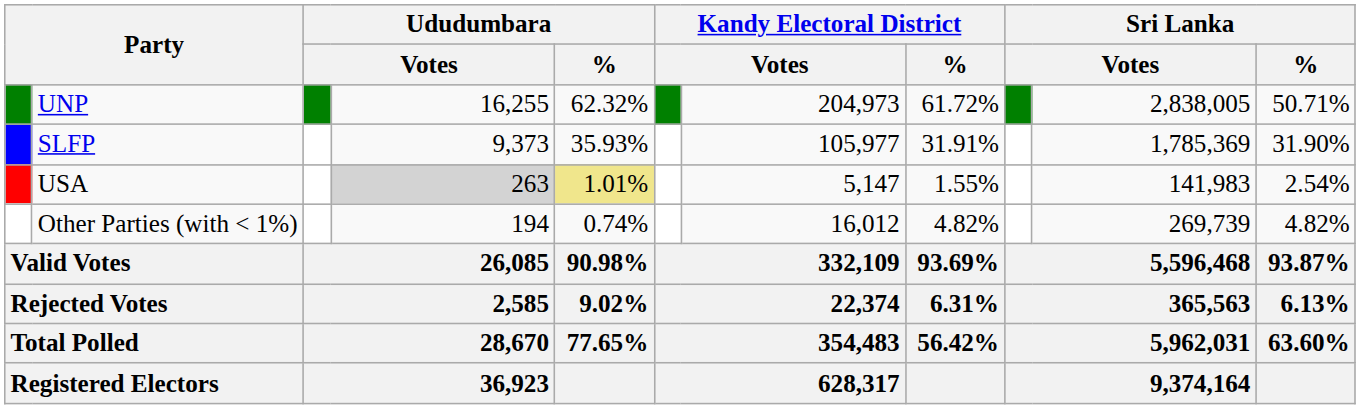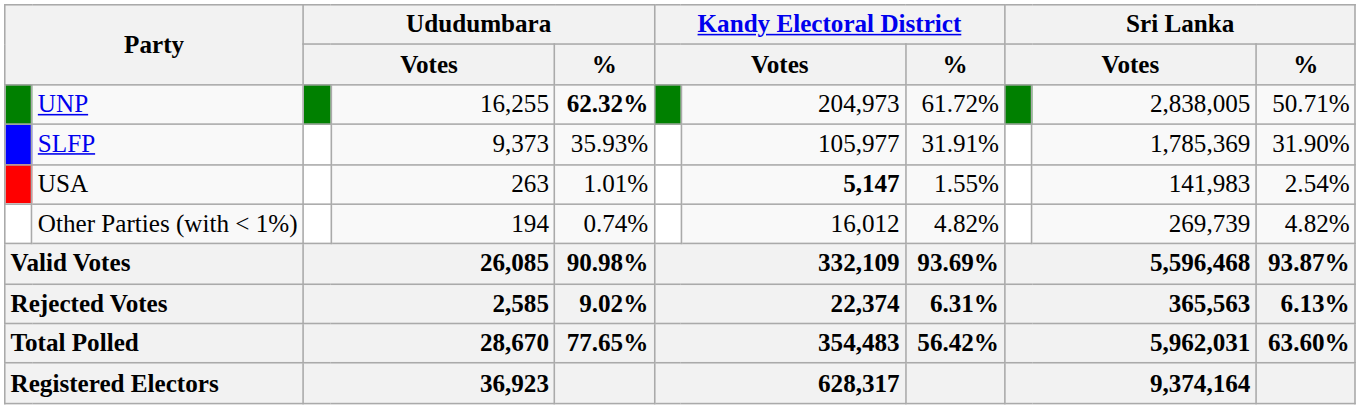 <table class="wikitable">
 <tr>
 <th colspan="2" width="144px"rowspan="2">Party</th>
 <th colspan="3" width="216px">Ududumbara</th>
 <th colspan="3" width="216px"><a href='#'>Kandy Electoral District</a></th>
 <th colspan="3" width="216px">Sri Lanka</th>
 </tr>
 <tr>
 <th colspan="2" width="144px">Votes</th>
 <th>%</th>
 <th colspan="2" width="144px">Votes</th>
 <th>%</th>
 <th colspan="2" width="144px">Votes</th>
 <th>%</th>
 </tr>
 <tr>
 <td style="background-color:green;" width="10px"></td>
 <td style="text-align:left;"><a href='#'>UNP</a></td>
 <td style="background-color:green;" width="10px"></td>
 <td style="text-align:right;">16,255</td>
-<td style="text-align:right;">62.32%</td>
+<td style="text-align:right;"><strong>62.32%</strong></td>
 <td style="background-color:green;" width="10px"></td>
 <td style="text-align:right;">204,973</td>
 <td style="text-align:right;">61.72%</td>
 <td style="background-color:green;" width="10px"></td>
 <td style="text-align:right;">2,838,005</td>
 <td style="text-align:right;">50.71%</td>
 </tr>
 <tr>
 <td style="background-color:blue;" width="10px"></td>
 <td style="text-align:left;"><a href='#'>SLFP</a></td>
 <td style="background-color:white;" width="10px"></td>
 <td style="text-align:right;">9,373</td>
 <td style="text-align:right;">35.93%</td>
 <td style="background-color:white;" width="10px"></td>
 <td style="text-align:right;">105,977</td>
 <td style="text-align:right;">31.91%</td>
 <td style="background-color:white;" width="10px"></td>
 <td style="text-align:right;">1,785,369</td>
 <td style="text-align:right;">31.90%</td>
 </tr>
 <tr>
 <td style="background-color:red;" width="10px"></td>
 <td style="text-align:left;">USA</td>
 <td style="background-color:white;" width="10px"></td>
-<td style="background: lightgrey; text-align:right;">263</td>
-<td style="background: khaki; text-align:right;">1.01%</td>
+<td style="text-align:right;">263</td>
+<td style="text-align:right;">1.01%</td>
 <td style="background-color:white;" width="10px"></td>
-<td style="text-align:right;">5,147</td>
+<td style="text-align:right;"><strong>5,147</strong></td>
 <td style="text-align:right;">1.55%</td>
 <td style="background-color:white;" width="10px"></td>
 <td style="text-align:right;">141,983</td>
 <td style="text-align:right;">2.54%</td>
 </tr>
 <tr>
 <td style="background-color:white;" width="10px"></td>
 <td style="text-align:left;">Other Parties (with < 1%)</td>
 <td style="background-color:white;" width="10px"></td>
 <td style="text-align:right;">194</td>
 <td style="text-align:right;">0.74%</td>
 <td style="background-color:white;" width="10px"></td>
 <td style="text-align:right;">16,012</td>
 <td style="text-align:right;">4.82%</td>
 <td style="background-color:white;" width="10px"></td>
 <td style="text-align:right;">269,739</td>
 <td style="text-align:right;">4.82%</td>
 </tr>
 <tr>
 <th colspan="2" width="144px"style="text-align:left;">Valid Votes</th>
 <th style="text-align:right;"colspan="2" width="144px">26,085</th>
 <th style="text-align:right;">90.98%</th>
 <th style="text-align:right;"colspan="2" width="144px">332,109</th>
 <th style="text-align:right;">93.69%</th>
 <th style="text-align:right;"colspan="2" width="144px">5,596,468</th>
 <th style="text-align:right;">93.87%</th>
 </tr>
 <tr>
 <th colspan="2" width="144px"style="text-align:left;">Rejected Votes</th>
 <th style="text-align:right;"colspan="2" width="144px">2,585</th>
 <th style="text-align:right;">9.02%</th>
 <th style="text-align:right;"colspan="2" width="144px">22,374</th>
 <th style="text-align:right;">6.31%</th>
 <th style="text-align:right;"colspan="2" width="144px">365,563</th>
 <th style="text-align:right;">6.13%</th>
 </tr>
 <tr>
 <th colspan="2" width="144px"style="text-align:left;">Total Polled</th>
 <th style="text-align:right;"colspan="2" width="144px">28,670</th>
 <th style="text-align:right;">77.65%</th>
 <th style="text-align:right;"colspan="2" width="144px">354,483</th>
 <th style="text-align:right;">56.42%</th>
 <th style="text-align:right;"colspan="2" width="144px">5,962,031</th>
 <th style="text-align:right;">63.60%</th>
 </tr>
 <tr>
 <th colspan="2" width="144px"style="text-align:left;">Registered Electors</th>
 <th style="text-align:right;"colspan="2" width="144px">36,923</th>
 <th></th>
 <th style="text-align:right;"colspan="2" width="144px">628,317</th>
 <th></th>
 <th style="text-align:right;"colspan="2" width="144px">9,374,164</th>
 <th></th>
 </tr>
 </table>
